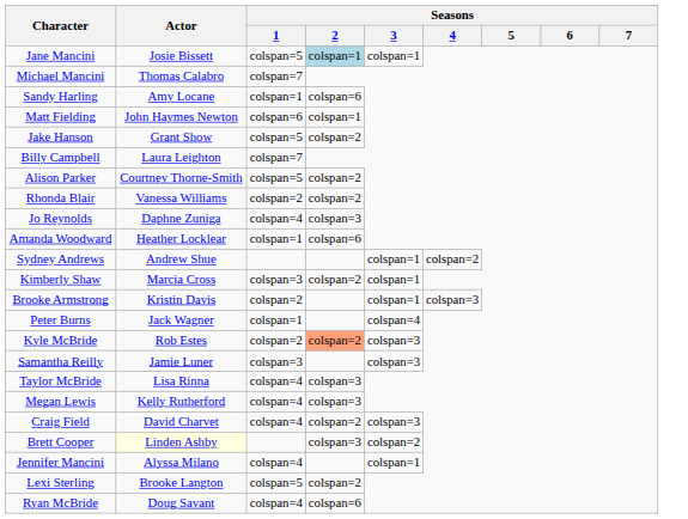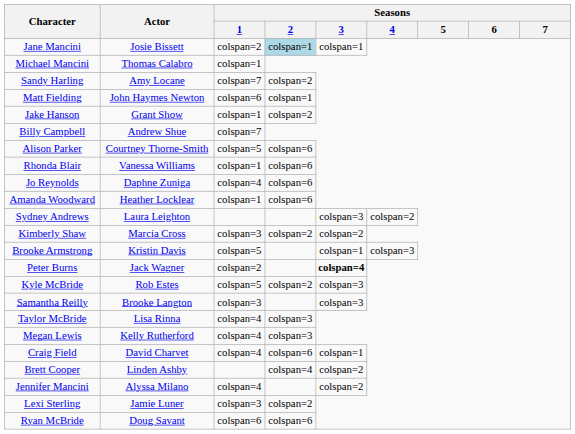 <table class="wikitable sortable" style="text-align:center">
 <tr>
 <th rowspan=2>Character</th>
 <th rowspan=2>Actor</th>
 <th colspan=7>Seasons</th>
 </tr>
 <tr>
 <th scope="col" style="width:9%;"><a href='#'>1</a></th>
 <th scope="col" style="width:9%;"><a href='#'>2</a></th>
 <th scope="col" style="width:9%;"><a href='#'>3</a></th>
 <th scope="col" style="width:9%;"><a href='#'>4</a></th>
 <th scope="col" style="width:9%;">5</th>
 <th scope="col" style="width:9%;">6</th>
 <th scope="col" style="width:9%;">7</th>
 </tr>
 <tr>
 <td><a href='#'>Jane Mancini</a></td>
 <td><a href='#'>Josie Bissett</a></td>
-<td>colspan=5 </td>
+<td>colspan=2 </td>
 <td style="background: lightblue;">colspan=1 </td>
 <td>colspan=1 </td>
 </tr>
 <tr>
 <td><a href='#'>Michael Mancini</a></td>
 <td><a href='#'>Thomas Calabro</a></td>
-<td>colspan=7 </td>
+<td>colspan=1 </td>
 </tr>
 <tr>
 <td><a href='#'>Sandy Harling</a></td>
 <td><a href='#'>Amy Locane</a></td>
-<td>colspan=1 </td>
-<td>colspan=6 </td>
+<td>colspan=7 </td>
+<td>colspan=2 </td>
 </tr>
 <tr>
 <td><a href='#'>Matt Fielding</a></td>
 <td><a href='#'>John Haymes Newton</a></td>
 <td>colspan=6 </td>
 <td>colspan=1 </td>
 </tr>
 <tr>
 <td><a href='#'>Jake Hanson</a></td>
 <td><a href='#'>Grant Show</a></td>
-<td>colspan=5 </td>
+<td>colspan=1 </td>
 <td>colspan=2 </td>
 </tr>
 <tr>
 <td><a href='#'>Billy Campbell</a></td>
-<td><a href='#'>Laura Leighton</a></td>
+<td><a href='#'>Andrew Shue</a></td>
 <td>colspan=7 </td>
 </tr>
 <tr>
 <td><a href='#'>Alison Parker</a></td>
 <td><a href='#'>Courtney Thorne-Smith</a></td>
 <td>colspan=5 </td>
-<td>colspan=2 </td>
+<td>colspan=6 </td>
 </tr>
 <tr>
 <td><a href='#'>Rhonda Blair</a></td>
 <td><a href='#'>Vanessa Williams</a></td>
-<td>colspan=2 </td>
-<td>colspan=2 </td>
+<td>colspan=1 </td>
+<td>colspan=6 </td>
 </tr>
 <tr>
 <td><a href='#'>Jo Reynolds</a></td>
 <td><a href='#'>Daphne Zuniga</a></td>
 <td>colspan=4 </td>
-<td>colspan=3 </td>
+<td>colspan=6 </td>
 </tr>
 <tr>
 <td><a href='#'>Amanda Woodward</a></td>
 <td><a href='#'>Heather Locklear</a></td>
 <td>colspan=1 </td>
 <td>colspan=6 </td>
 </tr>
 <tr>
 <td><a href='#'>Sydney Andrews</a></td>
-<td><a href='#'>Andrew Shue</a></td>
+<td><a href='#'>Laura Leighton</a></td>
 <td></td>
 <td></td>
-<td>colspan=1 </td>
+<td>colspan=3 </td>
 <td>colspan=2 </td>
 </tr>
 <tr>
 <td><a href='#'>Kimberly Shaw</a></td>
 <td><a href='#'>Marcia Cross</a></td>
 <td>colspan=3 </td>
 <td>colspan=2 </td>
-<td>colspan=1 </td>
+<td>colspan=2 </td>
 </tr>
 <tr>
 <td><a href='#'>Brooke Armstrong</a></td>
 <td><a href='#'>Kristin Davis</a></td>
-<td>colspan=2 </td>
+<td>colspan=5 </td>
 <td></td>
 <td>colspan=1 </td>
 <td>colspan=3 </td>
 </tr>
 <tr>
 <td><a href='#'>Peter Burns</a></td>
 <td><a href='#'>Jack Wagner</a></td>
-<td>colspan=1 </td>
+<td>colspan=2 </td>
 <td></td>
-<td>colspan=4 </td>
+<td><strong>colspan=4 </strong></td>
 </tr>
 <tr>
 <td><a href='#'>Kyle McBride</a></td>
 <td><a href='#'>Rob Estes</a></td>
+<td>colspan=5 </td>
 <td>colspan=2 </td>
-<td style="background: lightsalmon;">colspan=2 </td>
 <td>colspan=3 </td>
 </tr>
 <tr>
 <td><a href='#'>Samantha Reilly</a></td>
-<td><a href='#'>Jamie Luner</a></td>
+<td><a href='#'>Brooke Langton</a></td>
 <td>colspan=3 </td>
 <td></td>
 <td>colspan=3 </td>
 </tr>
 <tr>
 <td><a href='#'>Taylor McBride</a></td>
 <td><a href='#'>Lisa Rinna</a></td>
 <td>colspan=4 </td>
 <td>colspan=3 </td>
 </tr>
 <tr>
 <td><a href='#'>Megan Lewis</a></td>
 <td><a href='#'>Kelly Rutherford</a></td>
 <td>colspan=4 </td>
 <td>colspan=3 </td>
 </tr>
 <tr>
 <td><a href='#'>Craig Field</a></td>
 <td><a href='#'>David Charvet</a></td>
 <td>colspan=4 </td>
-<td>colspan=2 </td>
-<td>colspan=3 </td>
+<td>colspan=6 </td>
+<td>colspan=1 </td>
 </tr>
 <tr>
 <td><a href='#'>Brett Cooper</a></td>
-<td style="background: lightyellow;"><a href='#'>Linden Ashby</a></td>
+<td><a href='#'>Linden Ashby</a></td>
 <td></td>
-<td>colspan=3 </td>
+<td>colspan=4 </td>
 <td>colspan=2 </td>
 </tr>
 <tr>
 <td><a href='#'>Jennifer Mancini</a></td>
 <td><a href='#'>Alyssa Milano</a></td>
 <td>colspan=4 </td>
 <td></td>
-<td>colspan=1 </td>
+<td>colspan=2 </td>
 </tr>
 <tr>
 <td><a href='#'>Lexi Sterling</a></td>
-<td><a href='#'>Brooke Langton</a></td>
-<td>colspan=5 </td>
+<td><a href='#'>Jamie Luner</a></td>
+<td>colspan=3 </td>
 <td>colspan=2 </td>
 </tr>
 <tr>
 <td><a href='#'>Ryan McBride</a></td>
 <td><a href='#'>Doug Savant</a></td>
-<td>colspan=4 </td>
+<td>colspan=6 </td>
 <td>colspan=6 </td>
 </tr>
 </table>
